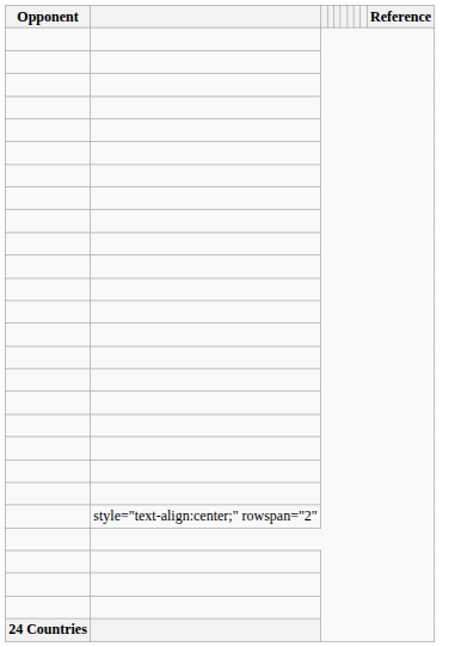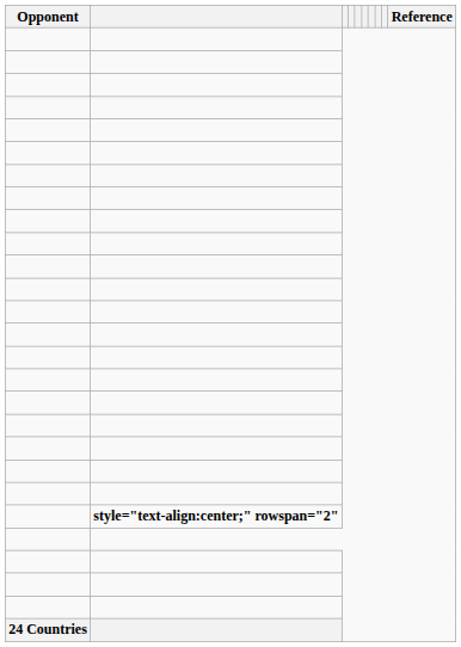 <table class="sortable wikitable plainrowheaders" style="text-align:center">
 <tr>
 <th>Opponent</th>
 <th></th>
 <th></th>
 <th></th>
 <th></th>
 <th></th>
 <th></th>
 <th></th>
 <th></th>
 <th>Reference</th>
 </tr>
 <tr>
 <td style="text-align:left;"><br></td>
 <td></td>
 </tr>
 <tr>
 <td style="text-align:left;"><br></td>
 <td></td>
 </tr>
 <tr>
 <td style="text-align:left;"><br></td>
 <td></td>
 </tr>
 <tr>
 <td style="text-align:left;"><br></td>
 <td></td>
 </tr>
 <tr>
 <td style="text-align:left;"><br></td>
 <td></td>
 </tr>
 <tr>
 <td style="text-align:left;"><br></td>
 <td></td>
 </tr>
 <tr>
 <td style="text-align:left;"><br></td>
 <td></td>
 </tr>
 <tr>
 <td style="text-align:left;"><br></td>
 <td></td>
 </tr>
 <tr>
 <td style="text-align:left;"><br></td>
 <td></td>
 </tr>
 <tr>
 <td style="text-align:left;"><br></td>
 <td></td>
 </tr>
 <tr>
 <td style="text-align:left;"><br></td>
 <td></td>
 </tr>
 <tr>
 <td style="text-align:left;"><br></td>
 <td></td>
 </tr>
 <tr>
 <td style="text-align:left;"><br></td>
 <td></td>
 </tr>
 <tr>
 <td style="text-align:left;"><br></td>
 <td></td>
 </tr>
 <tr>
 <td style="text-align:left;"><br></td>
 <td></td>
 </tr>
 <tr>
 <td style="text-align:left;"><br></td>
 <td> </td>
 </tr>
 <tr>
 <td style="text-align:left;"><br></td>
 <td></td>
 </tr>
 <tr>
 <td style="text-align:left;"><br></td>
 <td></td>
 </tr>
 <tr>
 <td style="text-align:left;"><br></td>
 <td></td>
 </tr>
 <tr>
 <td style="text-align:left;"><br></td>
 <td></td>
 </tr>
 <tr>
 <td style="text-align:left;"><br></td>
 <td></td>
 </tr>
 <tr>
 <td style="text-align:left;"><br></td>
-<td>style="text-align:center;" rowspan="2" </td>
+<td><strong>style="text-align:center;" rowspan="2" </strong></td>
 </tr>
 <tr>
 <td style="text-align:left;"><br></td>
 </tr>
 <tr>
 <td style="text-align:left;"><br></td>
 <td></td>
 </tr>
 <tr>
 <td style="text-align:left;"><br></td>
 <td><br></td>
 </tr>
 <tr>
 <td style="text-align:left;"><br></td>
 <td></td>
 </tr>
 <tr class="sortbottom">
 <th>24 Countries<br></th>
 <th></th>
 </tr>
 </table>
